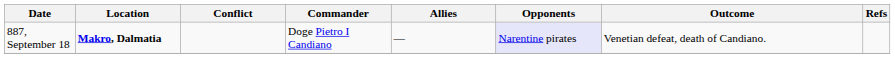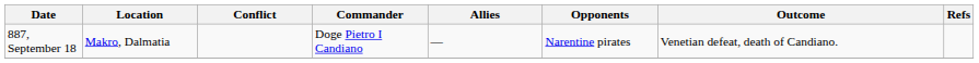 <table class="wikitable">
 <tr>
 <th style="width: 8%">Date</th>
 <th style="width: 12%">Location</th>
 <th style="width: 12%">Conflict</th>
 <th style="width: 12%">Commander</th>
 <th style="width: 12%">Allies</th>
 <th style="width: 12%">Opponents</th>
 <th style="width: 30%">Outcome</th>
 <th style="width: 2%">Refs</th>
 </tr>
 <tr>
 <td>887, September 18</td>
-<td><strong><a href='#'>Makro</a>, Dalmatia</strong></td>
+<td><a href='#'>Makro</a>, Dalmatia</td>
 <td></td>
 <td>Doge <a href='#'>Pietro I Candiano</a></td>
 <td>—</td>
-<td style="background: lavender;"><a href='#'>Narentine</a> pirates</td>
+<td><a href='#'>Narentine</a> pirates</td>
 <td>Venetian defeat, death of Candiano.</td>
 <td></td>
 </tr>
 <tr>
 </tr>
 </table>
